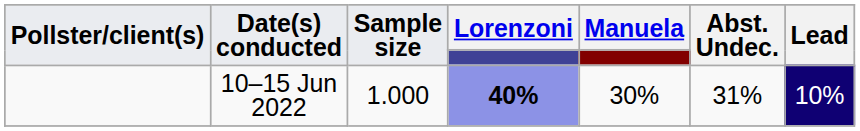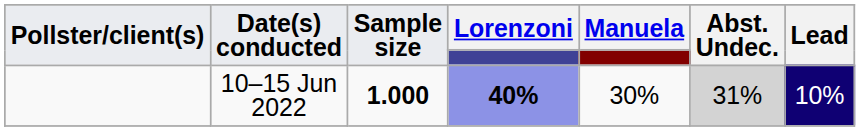 <table class="wikitable sortable" style="text-align:center;font-size:90%;line-height:14px;">
 <tr>
 <td rowspan="2" class="unsortable" style="width:50px;background:#eaecf0;"><strong>Pollster/client(s)</strong></td>
 <td rowspan="2" class="unsortable" style="width:50px;background:#eaecf0;"><strong>Date(s)<br>conducted</strong></td>
 <td rowspan="2" class="unsortable" style="width:50px;background:#eaecf0;"><strong>Sample<br> size</strong></td>
 <th class="unsortable" style="width:50px;"><a href='#'>Lorenzoni</a><br></th>
 <th class="unsortable" style="width:50px;"><a href='#'>Manuela</a><br></th>
 <th rowspan="2" class="unsortable">Abst.<br>Undec.</th>
 <th rowspan="2" class="unsortable">Lead</th>
 </tr>
 <tr>
 <th data-sort-type="number" class="sortable" style="background:#3F4196;"></th>
 <th data-sort-type="number" class="sortable" style="background:#820000;"></th>
 </tr>
 <tr>
 <td></td>
 <td>10–15 Jun 2022</td>
-<td>1.000</td>
+<td><strong>1.000</strong></td>
 <td style="background:#8c92e6;"><strong>40%</strong></td>
 <td>30%</td>
-<td>31%</td>
+<td style="background: lightgrey;">31%</td>
 <td style="background:#0F0073;color:#FFFFFF;">10%</td>
 </tr>
 </table>
